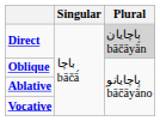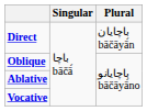 <table class="wikitable">
 <tr>
 <th></th>
 <th>Singular</th>
 <th>Plural</th>
 </tr>
 <tr>
 <td><strong><a href='#'>Direct</a></strong></td>
 <td rowspan="4">باچا<br>bāčā́</td>
-<td style="background: lightgrey;">باچايان<br>bāčāyā́n</td>
+<td>باچايان<br>bāčāyā́n</td>
 </tr>
 <tr>
 <td><strong><a href='#'>Oblique</a></strong></td>
 <td rowspan="3">باچايانو<br>bāčāyā́no</td>
 </tr>
 <tr>
 <td><strong><a href='#'>Ablative</a></strong></td>
 </tr>
 <tr>
 <td><strong><a href='#'>Vocative</a></strong></td>
 </tr>
 </table>
